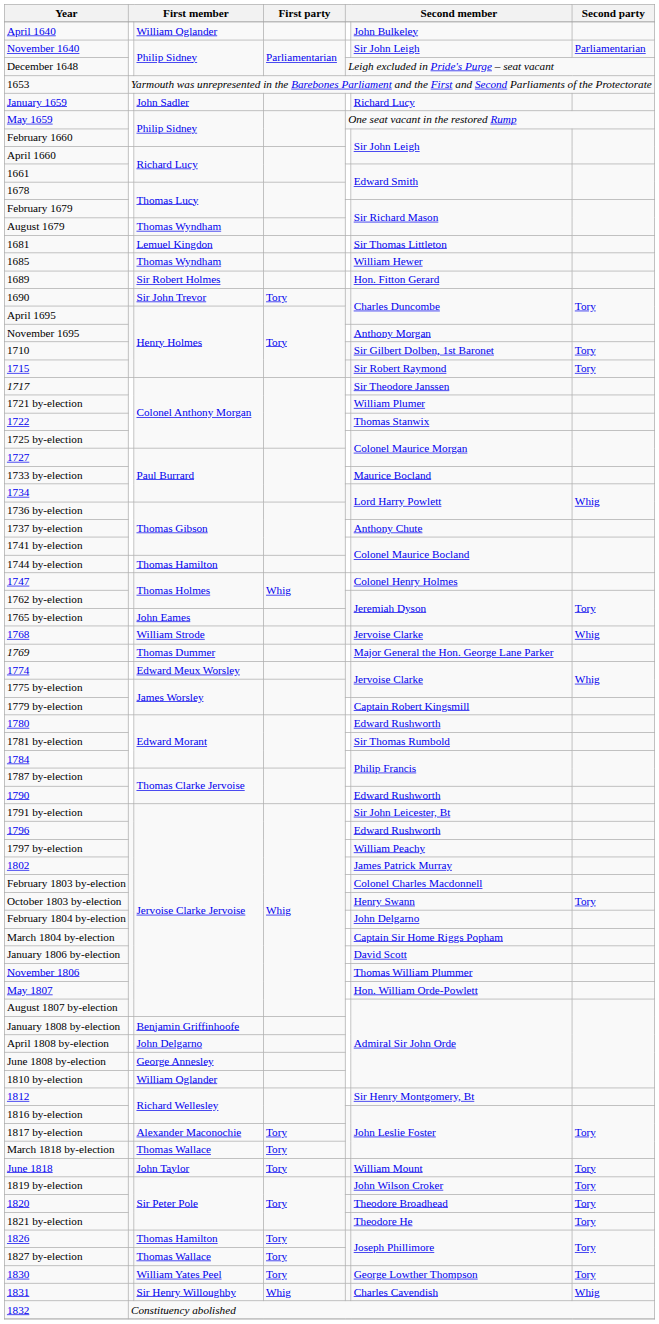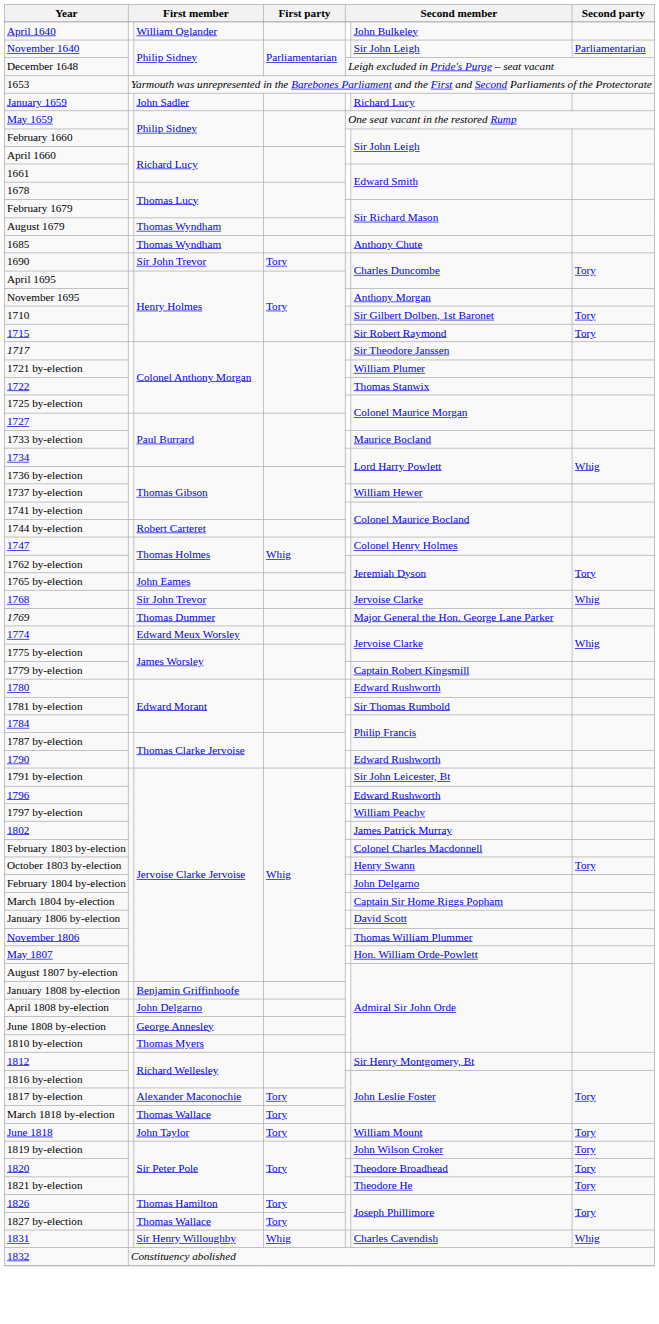 <table class="wikitable">
 <tr>
 <th>Year</th>
 <th colspan="2">First member</th>
 <th>First party</th>
 <th colspan="2">Second member</th>
 <th>Second party</th>
 </tr>
 <tr>
 </tr>
 <tr>
 <td><a href='#'>April 1640</a></td>
 <td style="color:inherit;background-color: white"></td>
 <td><a href='#'>William Oglander</a></td>
 <td></td>
 <td style="color:inherit;background-color: white"></td>
 <td><a href='#'>John Bulkeley</a></td>
 <td></td>
 </tr>
 <tr>
 <td><a href='#'>November 1640</a></td>
 <td rowspan="2" style="color:inherit;background-color: white"></td>
 <td rowspan="2"><a href='#'>Philip Sidney</a></td>
 <td rowspan="2"><a href='#'>Parliamentarian</a></td>
 <td style="color:inherit;background-color: white"></td>
 <td><a href='#'>Sir John Leigh</a></td>
 <td><a href='#'>Parliamentarian</a></td>
 </tr>
 <tr>
 <td>December 1648</td>
 <td colspan="3"><em>Leigh excluded in <a href='#'>Pride's Purge</a> – seat vacant</em></td>
 </tr>
 <tr>
 <td>1653</td>
 <td colspan="6"><em>Yarmouth was unrepresented in the <a href='#'>Barebones Parliament</a> and the <a href='#'>First</a> and <a href='#'>Second</a> Parliaments of the Protectorate</em></td>
 </tr>
 <tr>
 <td><a href='#'>January 1659</a></td>
 <td style="color:inherit;background-color: white"></td>
 <td><a href='#'>John Sadler</a></td>
 <td></td>
 <td style="color:inherit;background-color: white"></td>
 <td><a href='#'>Richard Lucy</a></td>
 <td></td>
 </tr>
 <tr>
 <td><a href='#'>May 1659</a></td>
 <td rowspan="2"  style="color:inherit;background-color: white"></td>
 <td rowspan="2"><a href='#'>Philip Sidney</a></td>
 <td rowspan="2"></td>
 <td colspan="3"><em>One seat vacant in the restored <a href='#'>Rump</a></em></td>
 </tr>
 <tr>
 <td>February 1660</td>
 <td rowspan="2"  style="color:inherit;background-color: white"></td>
 <td rowspan="2"><a href='#'>Sir John Leigh</a></td>
 <td rowspan="2"></td>
 </tr>
 <tr>
 <td>April 1660</td>
 <td rowspan="2" style="color:inherit;background-color: white"></td>
 <td rowspan="2"><a href='#'>Richard Lucy</a></td>
 <td rowspan="2"></td>
 </tr>
 <tr>
 <td>1661</td>
 <td rowspan="2" style="color:inherit;background-color: white"></td>
 <td rowspan="2"><a href='#'>Edward Smith</a></td>
 <td rowspan="2"></td>
 </tr>
 <tr>
 <td>1678</td>
 <td rowspan="2" style="color:inherit;background-color: white"></td>
 <td rowspan="2"><a href='#'>Thomas Lucy</a></td>
 <td rowspan="2"></td>
 </tr>
 <tr>
 <td>February 1679</td>
 <td rowspan="2" style="color:inherit;background-color: white"></td>
 <td rowspan="2"><a href='#'>Sir Richard Mason</a></td>
 <td rowspan="2"></td>
 </tr>
 <tr>
 <td>August 1679</td>
 <td style="color:inherit;background-color: white"></td>
 <td><a href='#'>Thomas Wyndham</a></td>
 <td></td>
 </tr>
 <tr>
-<td>1681</td>
-<td style="color:inherit;background-color: white"></td>
-<td><a href='#'>Lemuel Kingdon</a></td>
-<td></td>
-<td style="color:inherit;background-color: white"></td>
-<td><a href='#'>Sir Thomas Littleton</a></td>
-<td></td>
-</tr>
-<tr>
 <td>1685</td>
 <td style="color:inherit;background-color: white"></td>
 <td><a href='#'>Thomas Wyndham</a></td>
 <td></td>
 <td style="color:inherit;background-color: white"></td>
-<td><a href='#'>William Hewer</a></td>
-<td></td>
-</tr>
-<tr>
-<td>1689</td>
-<td style="color:inherit;background-color: white"></td>
-<td><a href='#'>Sir Robert Holmes</a></td>
-<td></td>
-<td style="color:inherit;background-color: white"></td>
-<td><a href='#'>Hon. Fitton Gerard</a></td>
+<td><a href='#'>Anthony Chute</a></td>
 <td></td>
 </tr>
 <tr>
 <td>1690</td>
 <td style="color:inherit;background-color: "></td>
 <td><a href='#'>Sir John Trevor</a></td>
 <td><a href='#'>Tory</a></td>
 <td rowspan="2" style="color:inherit;background-color: "></td>
 <td rowspan="2"><a href='#'>Charles Duncombe</a></td>
 <td rowspan="2"><a href='#'>Tory</a></td>
 </tr>
 <tr>
 <td>April 1695</td>
 <td rowspan="4" style="color:inherit;background-color: "></td>
 <td rowspan="4"><a href='#'>Henry Holmes</a></td>
 <td rowspan="4"><a href='#'>Tory</a></td>
 </tr>
 <tr>
 <td>November 1695</td>
 <td style="color:inherit;background-color: white"></td>
 <td><a href='#'>Anthony Morgan</a></td>
 <td></td>
 </tr>
 <tr>
 <td>1710</td>
 <td style="color:inherit;background-color: "></td>
 <td><a href='#'>Sir Gilbert Dolben, 1st Baronet</a></td>
 <td><a href='#'>Tory</a></td>
 </tr>
 <tr>
 <td><a href='#'>1715</a></td>
 <td style="color:inherit;background-color: "></td>
 <td><a href='#'>Sir Robert Raymond</a></td>
 <td><a href='#'>Tory</a></td>
 </tr>
 <tr>
 <td><em>1717</em></td>
 <td rowspan="4" style="color:inherit;background-color: white"></td>
 <td rowspan="4"><a href='#'>Colonel Anthony Morgan</a></td>
 <td rowspan="4"></td>
 <td style="color:inherit;background-color: white"></td>
 <td><a href='#'>Sir Theodore Janssen</a></td>
 <td></td>
 </tr>
 <tr>
 <td>1721 by-election</td>
 <td style="color:inherit;background-color: white"></td>
 <td><a href='#'>William Plumer</a></td>
 <td></td>
 </tr>
 <tr>
 <td><a href='#'>1722</a></td>
 <td style="color:inherit;background-color: white"></td>
 <td><a href='#'>Thomas Stanwix</a></td>
 <td></td>
 </tr>
 <tr>
 <td>1725 by-election</td>
 <td rowspan="2" style="color:inherit;background-color: white"></td>
 <td rowspan="2"><a href='#'>Colonel Maurice Morgan</a></td>
 <td rowspan="2"></td>
 </tr>
 <tr>
 <td><a href='#'>1727</a></td>
 <td rowspan="3" style="color:inherit;background-color: white"></td>
 <td rowspan="3"><a href='#'>Paul Burrard</a></td>
 <td rowspan="3"></td>
 </tr>
 <tr>
 <td>1733 by-election</td>
 <td style="color:inherit;background-color: white"></td>
 <td><a href='#'>Maurice Bocland</a></td>
 <td></td>
 </tr>
 <tr>
 <td><a href='#'>1734</a></td>
 <td rowspan="2" style="color:inherit;background-color: "></td>
 <td rowspan="2"><a href='#'>Lord Harry Powlett</a></td>
 <td rowspan="2"><a href='#'>Whig</a></td>
 </tr>
 <tr>
 <td>1736 by-election</td>
 <td rowspan="3" style="color:inherit;background-color: white"></td>
 <td rowspan="3"><a href='#'>Thomas Gibson</a></td>
 <td rowspan="3"></td>
 </tr>
 <tr>
 <td>1737 by-election</td>
 <td style="color:inherit;background-color: white"></td>
-<td><a href='#'>Anthony Chute</a></td>
+<td><a href='#'>William Hewer</a></td>
 <td></td>
 </tr>
 <tr>
 <td>1741 by-election</td>
 <td rowspan="2" style="color:inherit;background-color: white"></td>
 <td rowspan="2"><a href='#'>Colonel Maurice Bocland</a></td>
 <td rowspan="2"></td>
 </tr>
 <tr>
 <td>1744 by-election</td>
 <td style="color:inherit;background-color: white"></td>
-<td><a href='#'>Thomas Hamilton</a></td>
+<td><a href='#'>Robert Carteret</a></td>
 <td></td>
 </tr>
 <tr>
 <td><a href='#'>1747</a></td>
 <td rowspan="2" style="color:inherit;background-color: "></td>
 <td rowspan="2"><a href='#'>Thomas Holmes</a></td>
 <td rowspan="2"><a href='#'>Whig</a></td>
 <td style="color:inherit;background-color: white"></td>
 <td><a href='#'>Colonel Henry Holmes</a></td>
 <td></td>
 </tr>
 <tr>
 <td>1762 by-election</td>
 <td rowspan="2" style="color:inherit;background-color: "></td>
 <td rowspan="2"><a href='#'>Jeremiah Dyson</a></td>
 <td rowspan="2"><a href='#'>Tory</a></td>
 </tr>
 <tr>
 <td>1765 by-election</td>
 <td style="color:inherit;background-color: white"></td>
 <td><a href='#'>John Eames</a></td>
 <td></td>
 </tr>
 <tr>
 <td><a href='#'>1768</a></td>
 <td style="color:inherit;background-color: white"></td>
-<td><a href='#'>William Strode</a></td>
+<td><a href='#'>Sir John Trevor</a></td>
 <td></td>
 <td style="color:inherit;background-color: "></td>
 <td><a href='#'>Jervoise Clarke</a></td>
 <td><a href='#'>Whig</a></td>
 </tr>
 <tr>
 <td><em>1769</em></td>
 <td style="color:inherit;background-color: white"></td>
 <td><a href='#'>Thomas Dummer</a></td>
 <td></td>
 <td style="color:inherit;background-color: white"></td>
 <td><a href='#'>Major General the Hon. George Lane Parker</a></td>
 <td></td>
 </tr>
 <tr>
 <td><a href='#'>1774</a></td>
 <td style="color:inherit;background-color: white"></td>
 <td><a href='#'>Edward Meux Worsley</a></td>
 <td></td>
 <td rowspan="2" style="color:inherit;background-color: "></td>
 <td rowspan="2"><a href='#'>Jervoise Clarke</a></td>
 <td rowspan="2"><a href='#'>Whig</a></td>
 </tr>
 <tr>
 <td>1775 by-election</td>
 <td rowspan="2" style="color:inherit;background-color: white"></td>
 <td rowspan="2"><a href='#'>James Worsley</a></td>
 <td rowspan="2"></td>
 </tr>
 <tr>
 <td>1779 by-election</td>
 <td style="color:inherit;background-color: white"></td>
 <td><a href='#'>Captain Robert Kingsmill</a></td>
 <td></td>
 </tr>
 <tr>
 <td><a href='#'>1780</a></td>
 <td rowspan="3" style="color:inherit;background-color: white"></td>
 <td rowspan="3"><a href='#'>Edward Morant</a></td>
 <td rowspan="3"></td>
 <td style="color:inherit;background-color: white"></td>
 <td><a href='#'>Edward Rushworth</a></td>
 <td></td>
 </tr>
 <tr>
 <td>1781 by-election</td>
 <td style="color:inherit;background-color: white"></td>
 <td><a href='#'>Sir Thomas Rumbold</a></td>
 <td></td>
 </tr>
 <tr>
 <td><a href='#'>1784</a></td>
 <td rowspan="2" style="color:inherit;background-color: white"></td>
 <td rowspan="2"><a href='#'>Philip Francis</a></td>
 <td rowspan="2"></td>
 </tr>
 <tr>
 <td>1787 by-election</td>
 <td rowspan="2" style="color:inherit;background-color: white"></td>
 <td rowspan="2"><a href='#'>Thomas Clarke Jervoise</a></td>
 <td rowspan="2"></td>
 </tr>
 <tr>
 <td><a href='#'>1790</a></td>
 <td style="color:inherit;background-color: white"></td>
 <td><a href='#'>Edward Rushworth</a></td>
 <td></td>
 </tr>
 <tr>
 <td>1791 by-election</td>
 <td rowspan="12" style="color:inherit;background-color: "></td>
 <td rowspan="12"><a href='#'>Jervoise Clarke Jervoise</a></td>
 <td rowspan="12"><a href='#'>Whig</a></td>
 <td style="color:inherit;background-color: white"></td>
 <td><a href='#'>Sir John Leicester, Bt</a></td>
 <td></td>
 </tr>
 <tr>
 <td><a href='#'>1796</a></td>
 <td style="color:inherit;background-color: white"></td>
 <td><a href='#'>Edward Rushworth</a></td>
 <td></td>
 </tr>
 <tr>
 <td>1797 by-election</td>
 <td style="color:inherit;background-color: white"></td>
 <td><a href='#'>William Peachy</a></td>
 <td></td>
 </tr>
 <tr>
 <td><a href='#'>1802</a></td>
 <td style="color:inherit;background-color: white"></td>
 <td><a href='#'>James Patrick Murray</a></td>
 <td></td>
 </tr>
 <tr>
 <td>February 1803 by-election</td>
 <td style="color:inherit;background-color: white"></td>
 <td><a href='#'>Colonel Charles Macdonnell</a></td>
 <td></td>
 </tr>
 <tr>
 <td>October 1803 by-election</td>
 <td style="color:inherit;background-color: "></td>
 <td><a href='#'>Henry Swann</a></td>
 <td><a href='#'>Tory</a></td>
 </tr>
 <tr>
 <td>February 1804 by-election</td>
 <td style="color:inherit;background-color: white"></td>
 <td><a href='#'>John Delgarno</a></td>
 <td></td>
 </tr>
 <tr>
 <td>March 1804 by-election</td>
 <td style="color:inherit;background-color: white"></td>
 <td><a href='#'>Captain Sir Home Riggs Popham</a></td>
 <td></td>
 </tr>
 <tr>
 <td>January 1806 by-election</td>
 <td style="color:inherit;background-color: white"></td>
 <td><a href='#'>David Scott</a></td>
 <td></td>
 </tr>
 <tr>
 <td><a href='#'>November 1806</a></td>
 <td style="color:inherit;background-color: white"></td>
 <td><a href='#'>Thomas William Plummer</a></td>
 <td></td>
 </tr>
 <tr>
 <td><a href='#'>May 1807</a></td>
 <td style="color:inherit;background-color: white"></td>
 <td><a href='#'>Hon. William Orde-Powlett</a></td>
 <td></td>
 </tr>
 <tr>
 <td>August 1807 by-election</td>
 <td rowspan="5" style="color:inherit;background-color: white"></td>
 <td rowspan="5"><a href='#'>Admiral Sir John Orde</a></td>
 <td rowspan="5"></td>
 </tr>
 <tr>
 <td>January 1808 by-election</td>
 <td style="color:inherit;background-color: white"></td>
 <td><a href='#'>Benjamin Griffinhoofe</a></td>
 <td></td>
 </tr>
 <tr>
 <td>April 1808 by-election</td>
 <td style="color:inherit;background-color: white"></td>
 <td><a href='#'>John Delgarno</a></td>
 <td></td>
 </tr>
 <tr>
 <td>June 1808 by-election</td>
 <td style="color:inherit;background-color: white"></td>
 <td><a href='#'>George Annesley</a></td>
 <td></td>
 </tr>
 <tr>
 <td>1810 by-election</td>
 <td style="color:inherit;background-color: white"></td>
-<td><a href='#'>William Oglander</a></td>
+<td><a href='#'>Thomas Myers</a></td>
 <td></td>
 </tr>
 <tr>
 <td><a href='#'>1812</a></td>
 <td rowspan="2" style="color:inherit;background-color: white"></td>
 <td rowspan="2"><a href='#'>Richard Wellesley</a></td>
 <td rowspan="2"></td>
 <td style="color:inherit;background-color: white"></td>
 <td><a href='#'>Sir Henry Montgomery, Bt</a></td>
 <td></td>
 </tr>
 <tr>
 <td>1816 by-election</td>
 <td rowspan="3" style="color:inherit;background-color: "></td>
 <td rowspan="3"><a href='#'>John Leslie Foster</a></td>
 <td rowspan="3"><a href='#'>Tory</a></td>
 </tr>
 <tr>
 <td>1817 by-election</td>
 <td style="color:inherit;background-color: "></td>
 <td><a href='#'>Alexander Maconochie</a></td>
 <td><a href='#'>Tory</a></td>
 </tr>
 <tr>
 <td>March 1818 by-election</td>
 <td style="color:inherit;background-color: "></td>
 <td><a href='#'>Thomas Wallace</a></td>
 <td><a href='#'>Tory</a></td>
 </tr>
 <tr>
 <td><a href='#'>June 1818</a></td>
 <td style="color:inherit;background-color: "></td>
 <td><a href='#'>John Taylor</a></td>
 <td><a href='#'>Tory</a></td>
 <td style="color:inherit;background-color: "></td>
 <td><a href='#'>William Mount</a></td>
 <td><a href='#'>Tory</a></td>
 </tr>
 <tr>
 <td>1819 by-election</td>
 <td rowspan="3" style="color:inherit;background-color: "></td>
 <td rowspan="3"><a href='#'>Sir Peter Pole</a></td>
 <td rowspan="3"><a href='#'>Tory</a></td>
 <td style="color:inherit;background-color: "></td>
 <td><a href='#'>John Wilson Croker</a></td>
 <td><a href='#'>Tory</a></td>
 </tr>
 <tr>
 <td><a href='#'>1820</a></td>
 <td style="color:inherit;background-color: "></td>
 <td><a href='#'>Theodore Broadhead</a></td>
 <td><a href='#'>Tory</a></td>
 </tr>
 <tr>
 <td>1821 by-election</td>
 <td style="color:inherit;background-color: "></td>
 <td><a href='#'>Theodore He</a></td>
 <td><a href='#'>Tory</a></td>
 </tr>
 <tr>
 <td><a href='#'>1826</a></td>
 <td style="color:inherit;background-color: "></td>
 <td><a href='#'>Thomas Hamilton</a></td>
 <td><a href='#'>Tory</a></td>
 <td rowspan="2" style="color:inherit;background-color: "></td>
 <td rowspan="2"><a href='#'>Joseph Phillimore</a></td>
 <td rowspan="2"><a href='#'>Tory</a></td>
 </tr>
 <tr>
 <td>1827 by-election</td>
 <td style="color:inherit;background-color: "></td>
 <td><a href='#'>Thomas Wallace</a></td>
 <td><a href='#'>Tory</a></td>
 </tr>
 <tr>
-<td><a href='#'>1830</a></td>
-<td style="color:inherit;background-color: "></td>
-<td><a href='#'>William Yates Peel</a></td>
-<td><a href='#'>Tory</a></td>
-<td style="color:inherit;background-color: "></td>
-<td><a href='#'>George Lowther Thompson</a></td>
-<td><a href='#'>Tory</a></td>
-</tr>
-<tr>
 <td><a href='#'>1831</a></td>
 <td style="color:inherit;background-color: "></td>
 <td><a href='#'>Sir Henry Willoughby</a></td>
 <td><a href='#'>Whig</a></td>
 <td style="color:inherit;background-color: "></td>
 <td><a href='#'>Charles Cavendish</a></td>
 <td><a href='#'>Whig</a></td>
 </tr>
 <tr>
 <td><a href='#'>1832</a></td>
 <td colspan="6"><em>Constituency abolished</em></td>
 </tr>
 <tr>
 </tr>
 </table>
